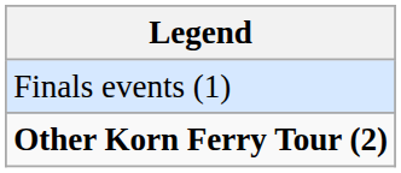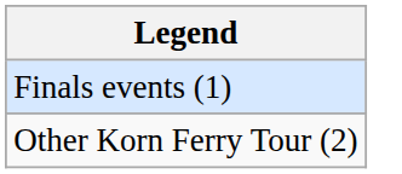 <table class="wikitable" style="font-size:95%;">
 <tr>
 <th>Legend</th>
 </tr>
 <tr style="background:#D6E8FF;">
 <td>Finals events (1)</td>
 </tr>
 <tr>
-<td><strong>Other Korn Ferry Tour (2)</strong></td>
+<td>Other Korn Ferry Tour (2)</td>
 </tr>
 </table>
